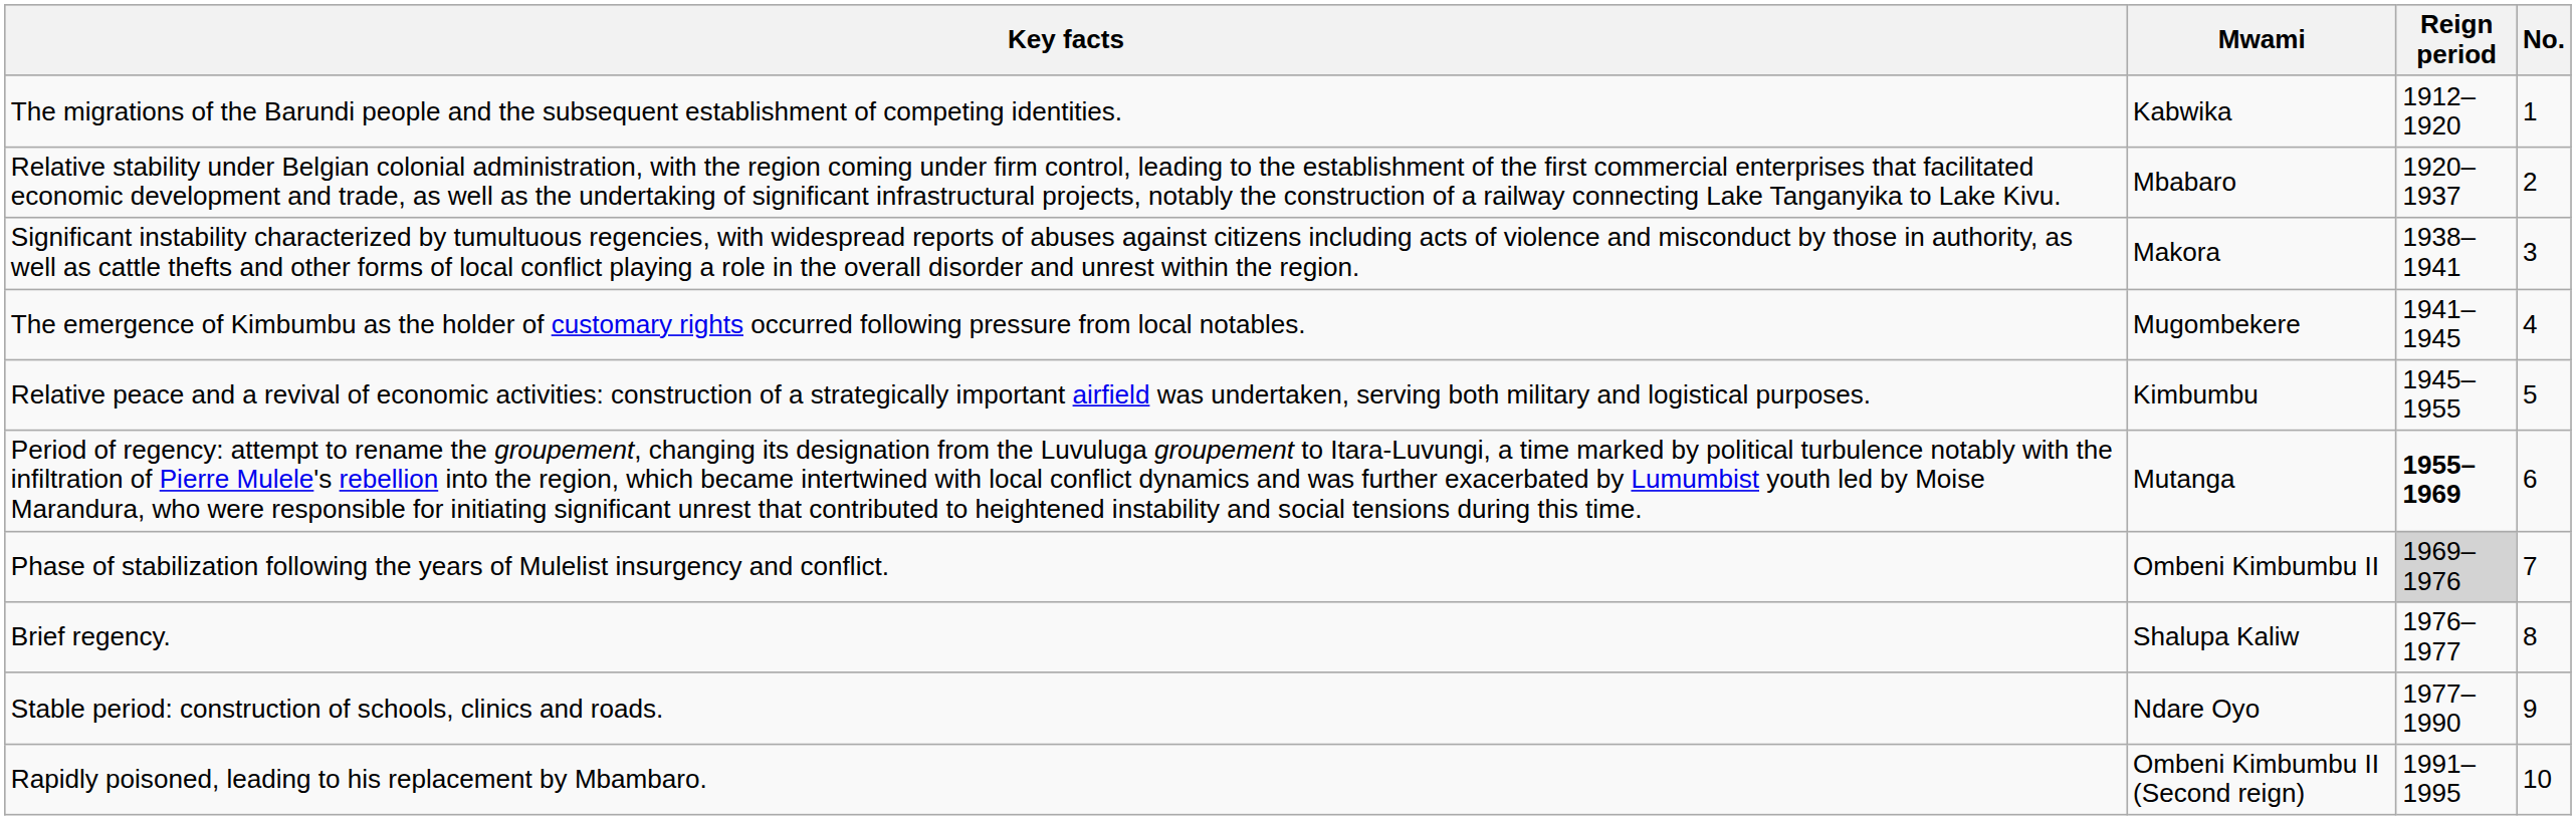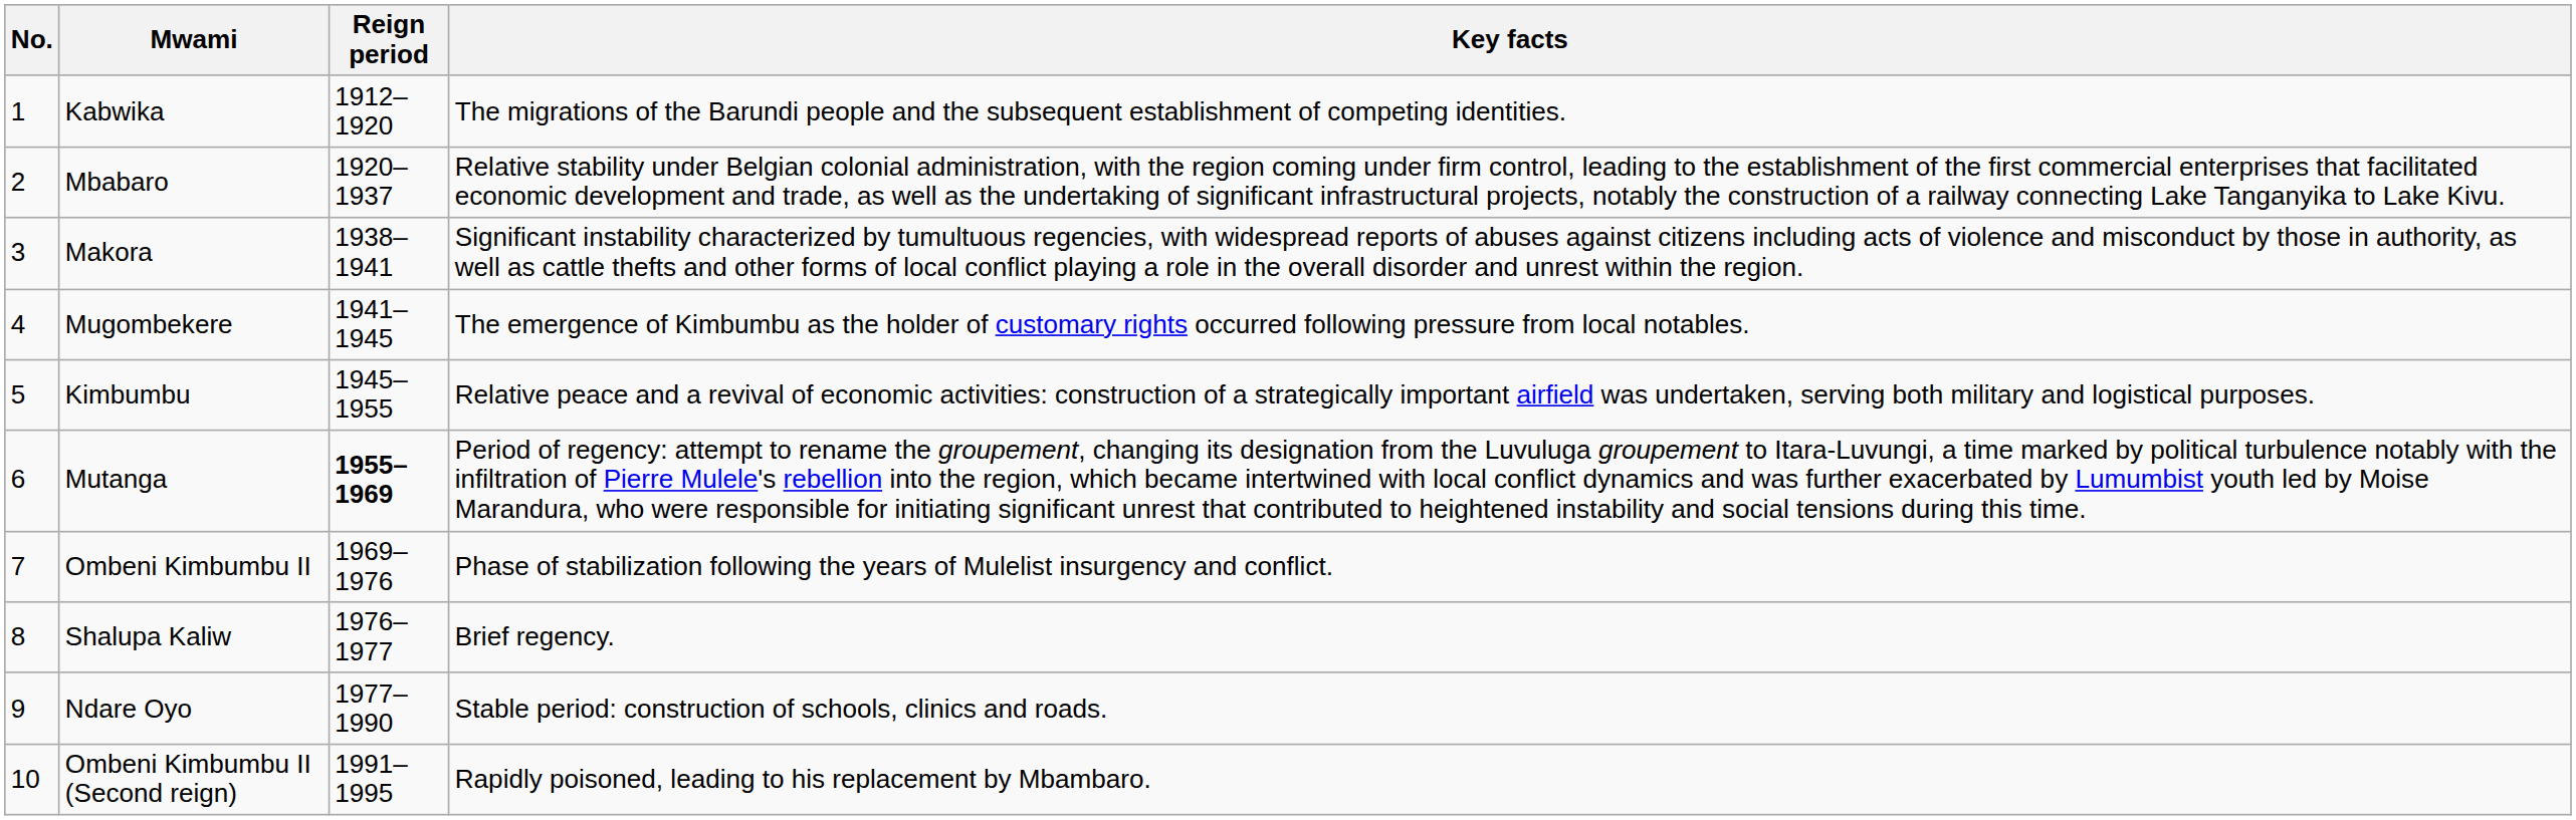 <table class="wikitable">
 <tr>
-<th>Key facts</th>
+<th>No.</th>
 <th>Mwami</th>
 <th>Reign period</th>
-<th>No.</th>
+<th>Key facts</th>
 </tr>
 <tr>
-<td>The migrations of the Barundi people and the subsequent establishment of competing identities.</td>
+<td>1</td>
 <td>Kabwika</td>
 <td>1912–1920​</td>
-<td>1</td>
+<td>The migrations of the Barundi people and the subsequent establishment of competing identities.</td>
 </tr>
 <tr>
-<td>Relative stability under Belgian colonial administration, with the region coming under firm control, leading to the establishment of the first commercial enterprises that facilitated economic development and trade, as well as the undertaking of significant infrastructural projects, notably the construction of a railway connecting Lake Tanganyika to Lake Kivu.</td>
+<td>2</td>
 <td>Mbabaro</td>
 <td>1920–1937</td>
-<td>2</td>
+<td>Relative stability under Belgian colonial administration, with the region coming under firm control, leading to the establishment of the first commercial enterprises that facilitated economic development and trade, as well as the undertaking of significant infrastructural projects, notably the construction of a railway connecting Lake Tanganyika to Lake Kivu.</td>
 </tr>
 <tr>
-<td>Significant instability characterized by tumultuous regencies, with widespread reports of abuses against citizens including acts of violence and misconduct by those in authority, as well as cattle thefts and other forms of local conflict playing a role in the overall disorder and unrest within the region.</td>
+<td>3</td>
 <td>Makora</td>
 <td>1938–1941</td>
-<td>3</td>
+<td>Significant instability characterized by tumultuous regencies, with widespread reports of abuses against citizens including acts of violence and misconduct by those in authority, as well as cattle thefts and other forms of local conflict playing a role in the overall disorder and unrest within the region.</td>
 </tr>
 <tr>
-<td>The emergence of Kimbumbu as the holder of <a href='#'>customary rights</a> occurred following pressure from local notables.</td>
+<td>4</td>
 <td>Mugombekere</td>
 <td>1941–1945</td>
-<td>4</td>
+<td>The emergence of Kimbumbu as the holder of <a href='#'>customary rights</a> occurred following pressure from local notables.</td>
 </tr>
 <tr>
-<td>Relative peace and a revival of economic activities: construction of a strategically important <a href='#'>airfield</a> was undertaken, serving both military and logistical purposes.</td>
+<td>5</td>
 <td>Kimbumbu</td>
 <td>1945–1955</td>
-<td>5</td>
+<td>Relative peace and a revival of economic activities: construction of a strategically important <a href='#'>airfield</a> was undertaken, serving both military and logistical purposes.</td>
 </tr>
 <tr>
-<td>Period of regency: attempt to rename the <em>groupement</em>, changing its designation from the Luvuluga <em>groupement</em> to Itara-Luvungi, a time marked by political turbulence notably with the infiltration of <a href='#'>Pierre Mulele</a>'s <a href='#'>rebellion</a> into the region, which became intertwined with local conflict dynamics and was further exacerbated by <a href='#'>Lumumbist</a> youth led by Moise Marandura, who were responsible for initiating significant unrest that contributed to heightened instability and social tensions during this time.</td>
+<td>6</td>
 <td>Mutanga</td>
 <td><strong>1955–1969</strong></td>
-<td>6</td>
+<td>Period of regency: attempt to rename the <em>groupement</em>, changing its designation from the Luvuluga <em>groupement</em> to Itara-Luvungi, a time marked by political turbulence notably with the infiltration of <a href='#'>Pierre Mulele</a>'s <a href='#'>rebellion</a> into the region, which became intertwined with local conflict dynamics and was further exacerbated by <a href='#'>Lumumbist</a> youth led by Moise Marandura, who were responsible for initiating significant unrest that contributed to heightened instability and social tensions during this time.</td>
 </tr>
 <tr>
+<td>7</td>
+<td>Ombeni Kimbumbu II</td>
+<td>1969–1976</td>
 <td>Phase of stabilization following the years of Mulelist insurgency and conflict.</td>
-<td>Ombeni Kimbumbu II</td>
-<td style="background: lightgrey;">1969–1976</td>
-<td>7</td>
 </tr>
 <tr>
-<td>Brief regency.</td>
+<td>8</td>
 <td>Shalupa Kaliw</td>
 <td>1976–1977</td>
-<td>8</td>
+<td>Brief regency.</td>
 </tr>
 <tr>
-<td>Stable period: construction of schools, clinics and roads.</td>
+<td>9</td>
 <td>Ndare Oyo</td>
 <td>1977–1990</td>
-<td>9</td>
+<td>Stable period: construction of schools, clinics and roads.</td>
 </tr>
 <tr>
-<td>Rapidly poisoned, leading to his replacement by Mbambaro.</td>
+<td>10</td>
 <td>Ombeni Kimbumbu II (Second reign)</td>
 <td>1991–1995</td>
-<td>10</td>
+<td>Rapidly poisoned, leading to his replacement by Mbambaro.</td>
 </tr>
 </table>
